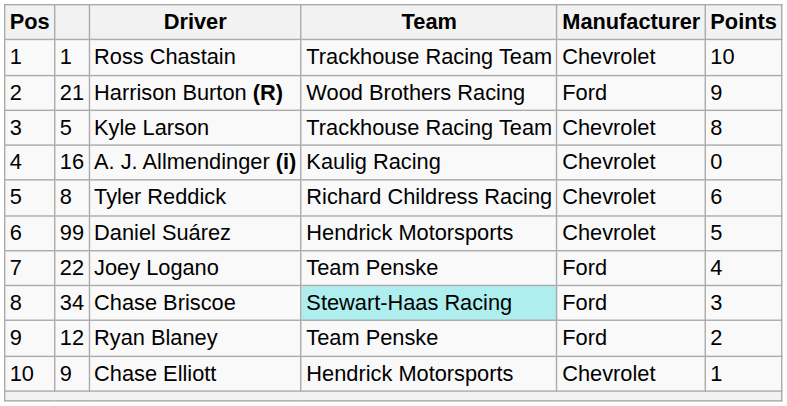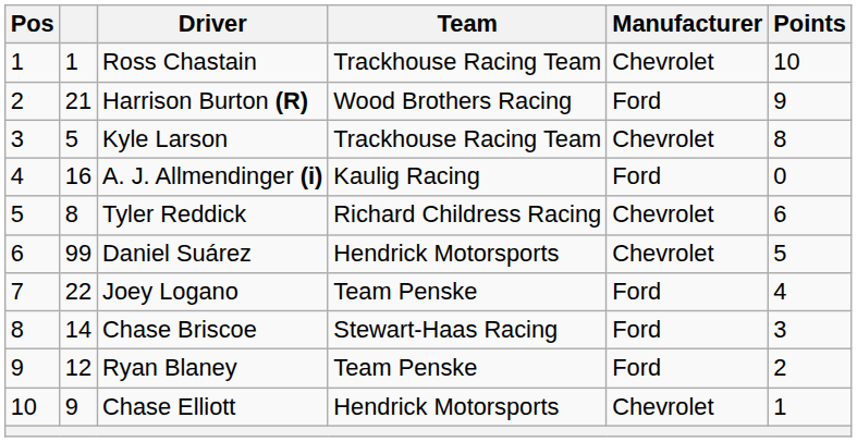 <table class="wikitable" style="font-size:98%">
 <tr>
 <th>Pos</th>
 <th></th>
 <th>Driver</th>
 <th>Team</th>
 <th>Manufacturer</th>
 <th>Points</th>
 </tr>
 <tr>
 <td>1</td>
 <td>1</td>
 <td>Ross Chastain</td>
 <td>Trackhouse Racing Team</td>
 <td>Chevrolet</td>
 <td>10</td>
 </tr>
 <tr>
 <td>2</td>
 <td>21</td>
 <td>Harrison Burton <strong>(R)</strong></td>
 <td>Wood Brothers Racing</td>
 <td>Ford</td>
 <td>9</td>
 </tr>
 <tr>
 <td>3</td>
 <td>5</td>
 <td>Kyle Larson</td>
 <td>Trackhouse Racing Team</td>
 <td>Chevrolet</td>
 <td>8</td>
 </tr>
 <tr>
 <td>4</td>
 <td>16</td>
 <td>A. J. Allmendinger <strong>(i)</strong></td>
 <td>Kaulig Racing</td>
-<td>Chevrolet</td>
+<td>Ford</td>
 <td>0</td>
 </tr>
 <tr>
 <td>5</td>
 <td>8</td>
 <td>Tyler Reddick</td>
 <td>Richard Childress Racing</td>
 <td>Chevrolet</td>
 <td>6</td>
 </tr>
 <tr>
 <td>6</td>
 <td>99</td>
 <td>Daniel Suárez</td>
 <td>Hendrick Motorsports</td>
 <td>Chevrolet</td>
 <td>5</td>
 </tr>
 <tr>
 <td>7</td>
 <td>22</td>
 <td>Joey Logano</td>
 <td>Team Penske</td>
 <td>Ford</td>
 <td>4</td>
 </tr>
 <tr>
 <td>8</td>
-<td>34</td>
+<td>14</td>
 <td>Chase Briscoe</td>
-<td style="background: paleturquoise;">Stewart-Haas Racing</td>
+<td>Stewart-Haas Racing</td>
 <td>Ford</td>
 <td>3</td>
 </tr>
 <tr>
 <td>9</td>
 <td>12</td>
 <td>Ryan Blaney</td>
 <td>Team Penske</td>
 <td>Ford</td>
 <td>2</td>
 </tr>
 <tr>
 <td>10</td>
 <td>9</td>
 <td>Chase Elliott</td>
 <td>Hendrick Motorsports</td>
 <td>Chevrolet</td>
 <td>1</td>
 </tr>
 <tr>
 <th colspan="6"></th>
 </tr>
 </table>
